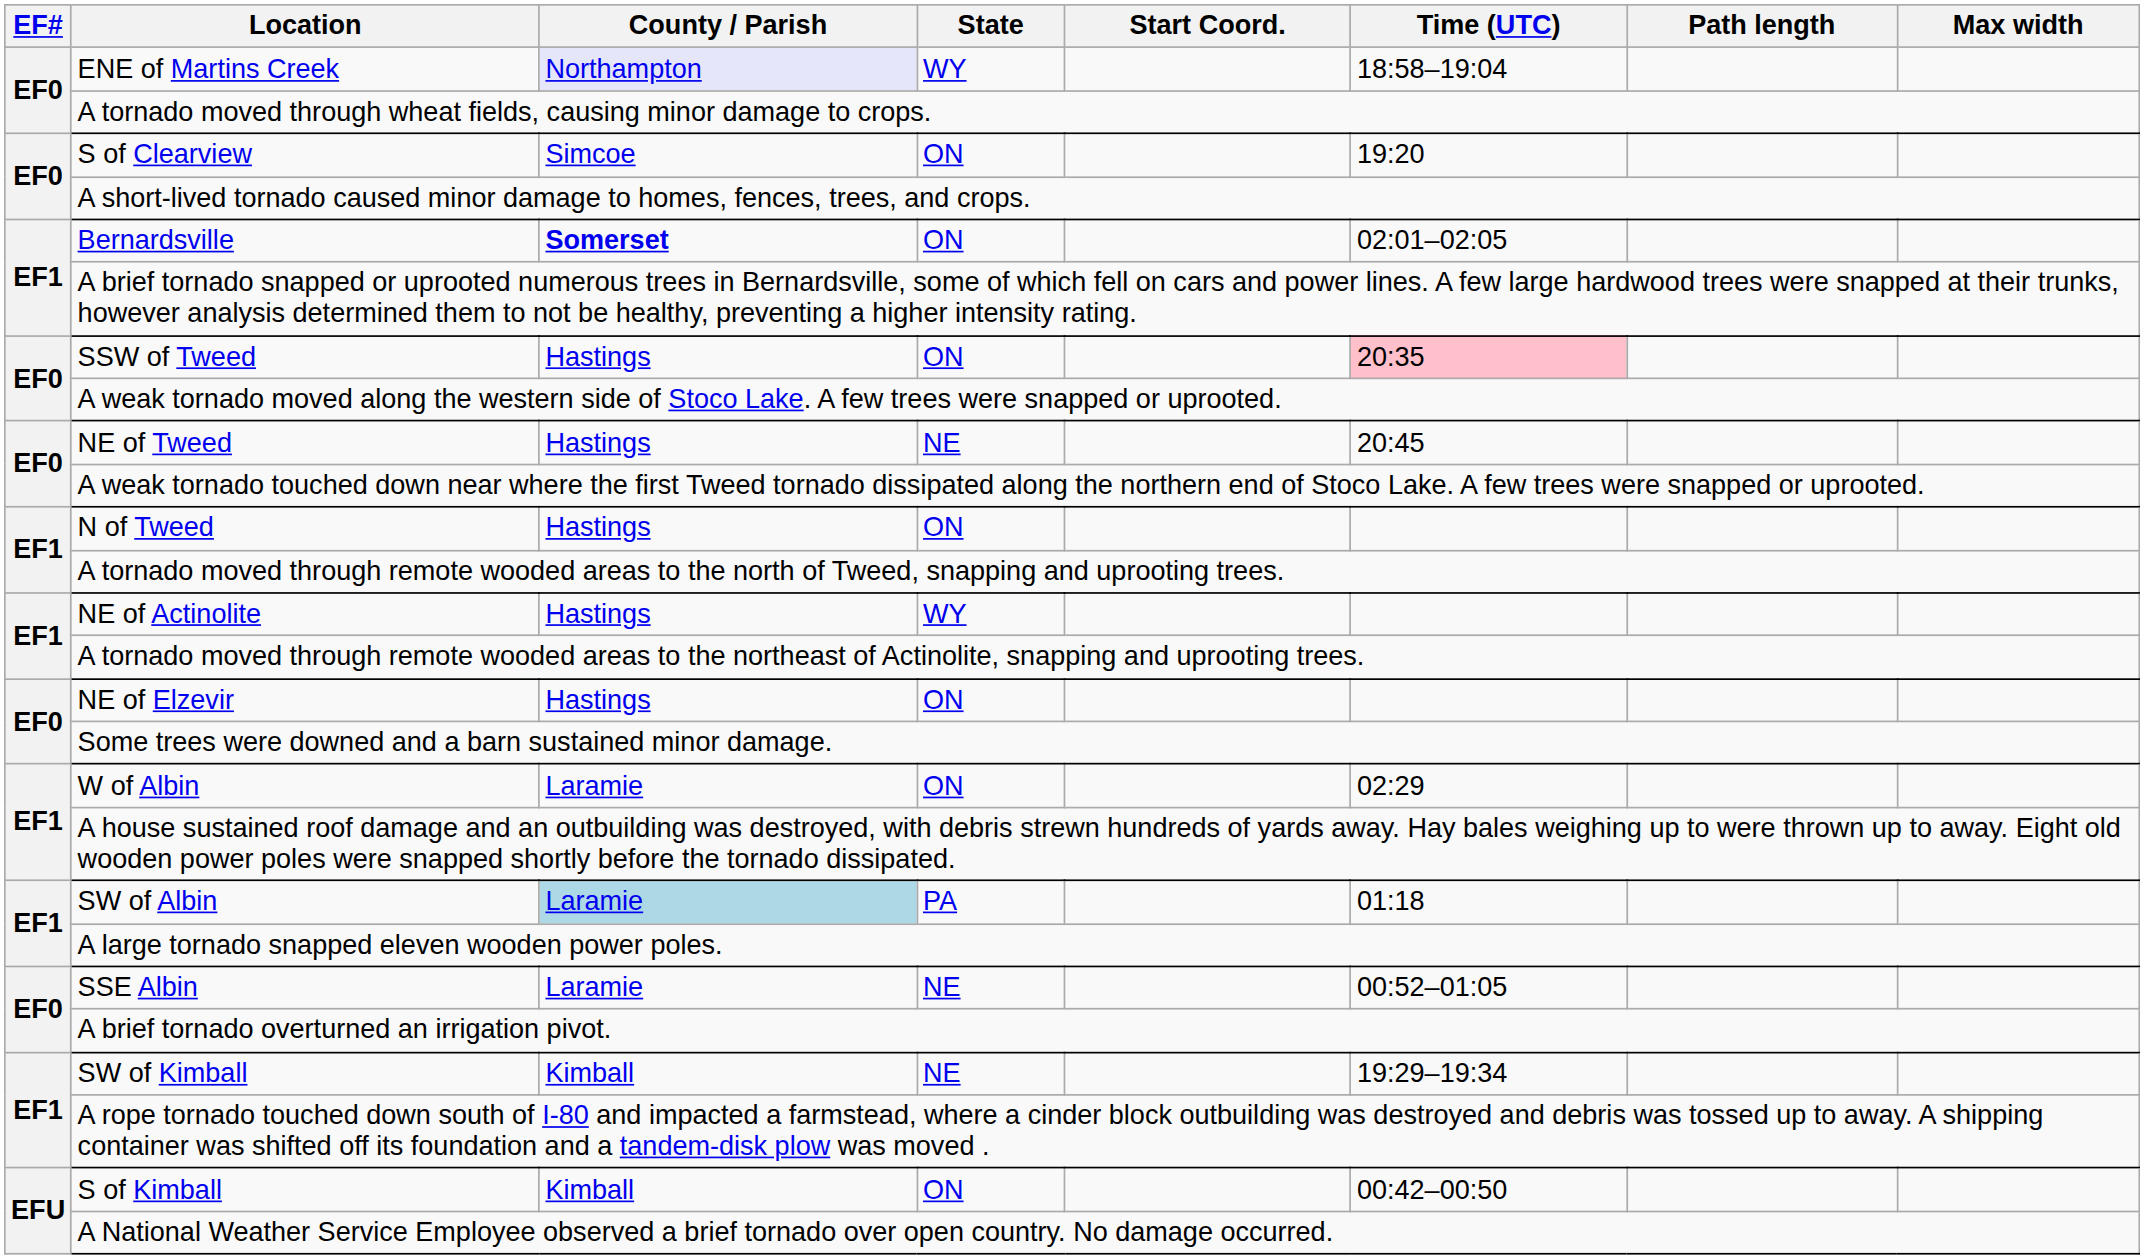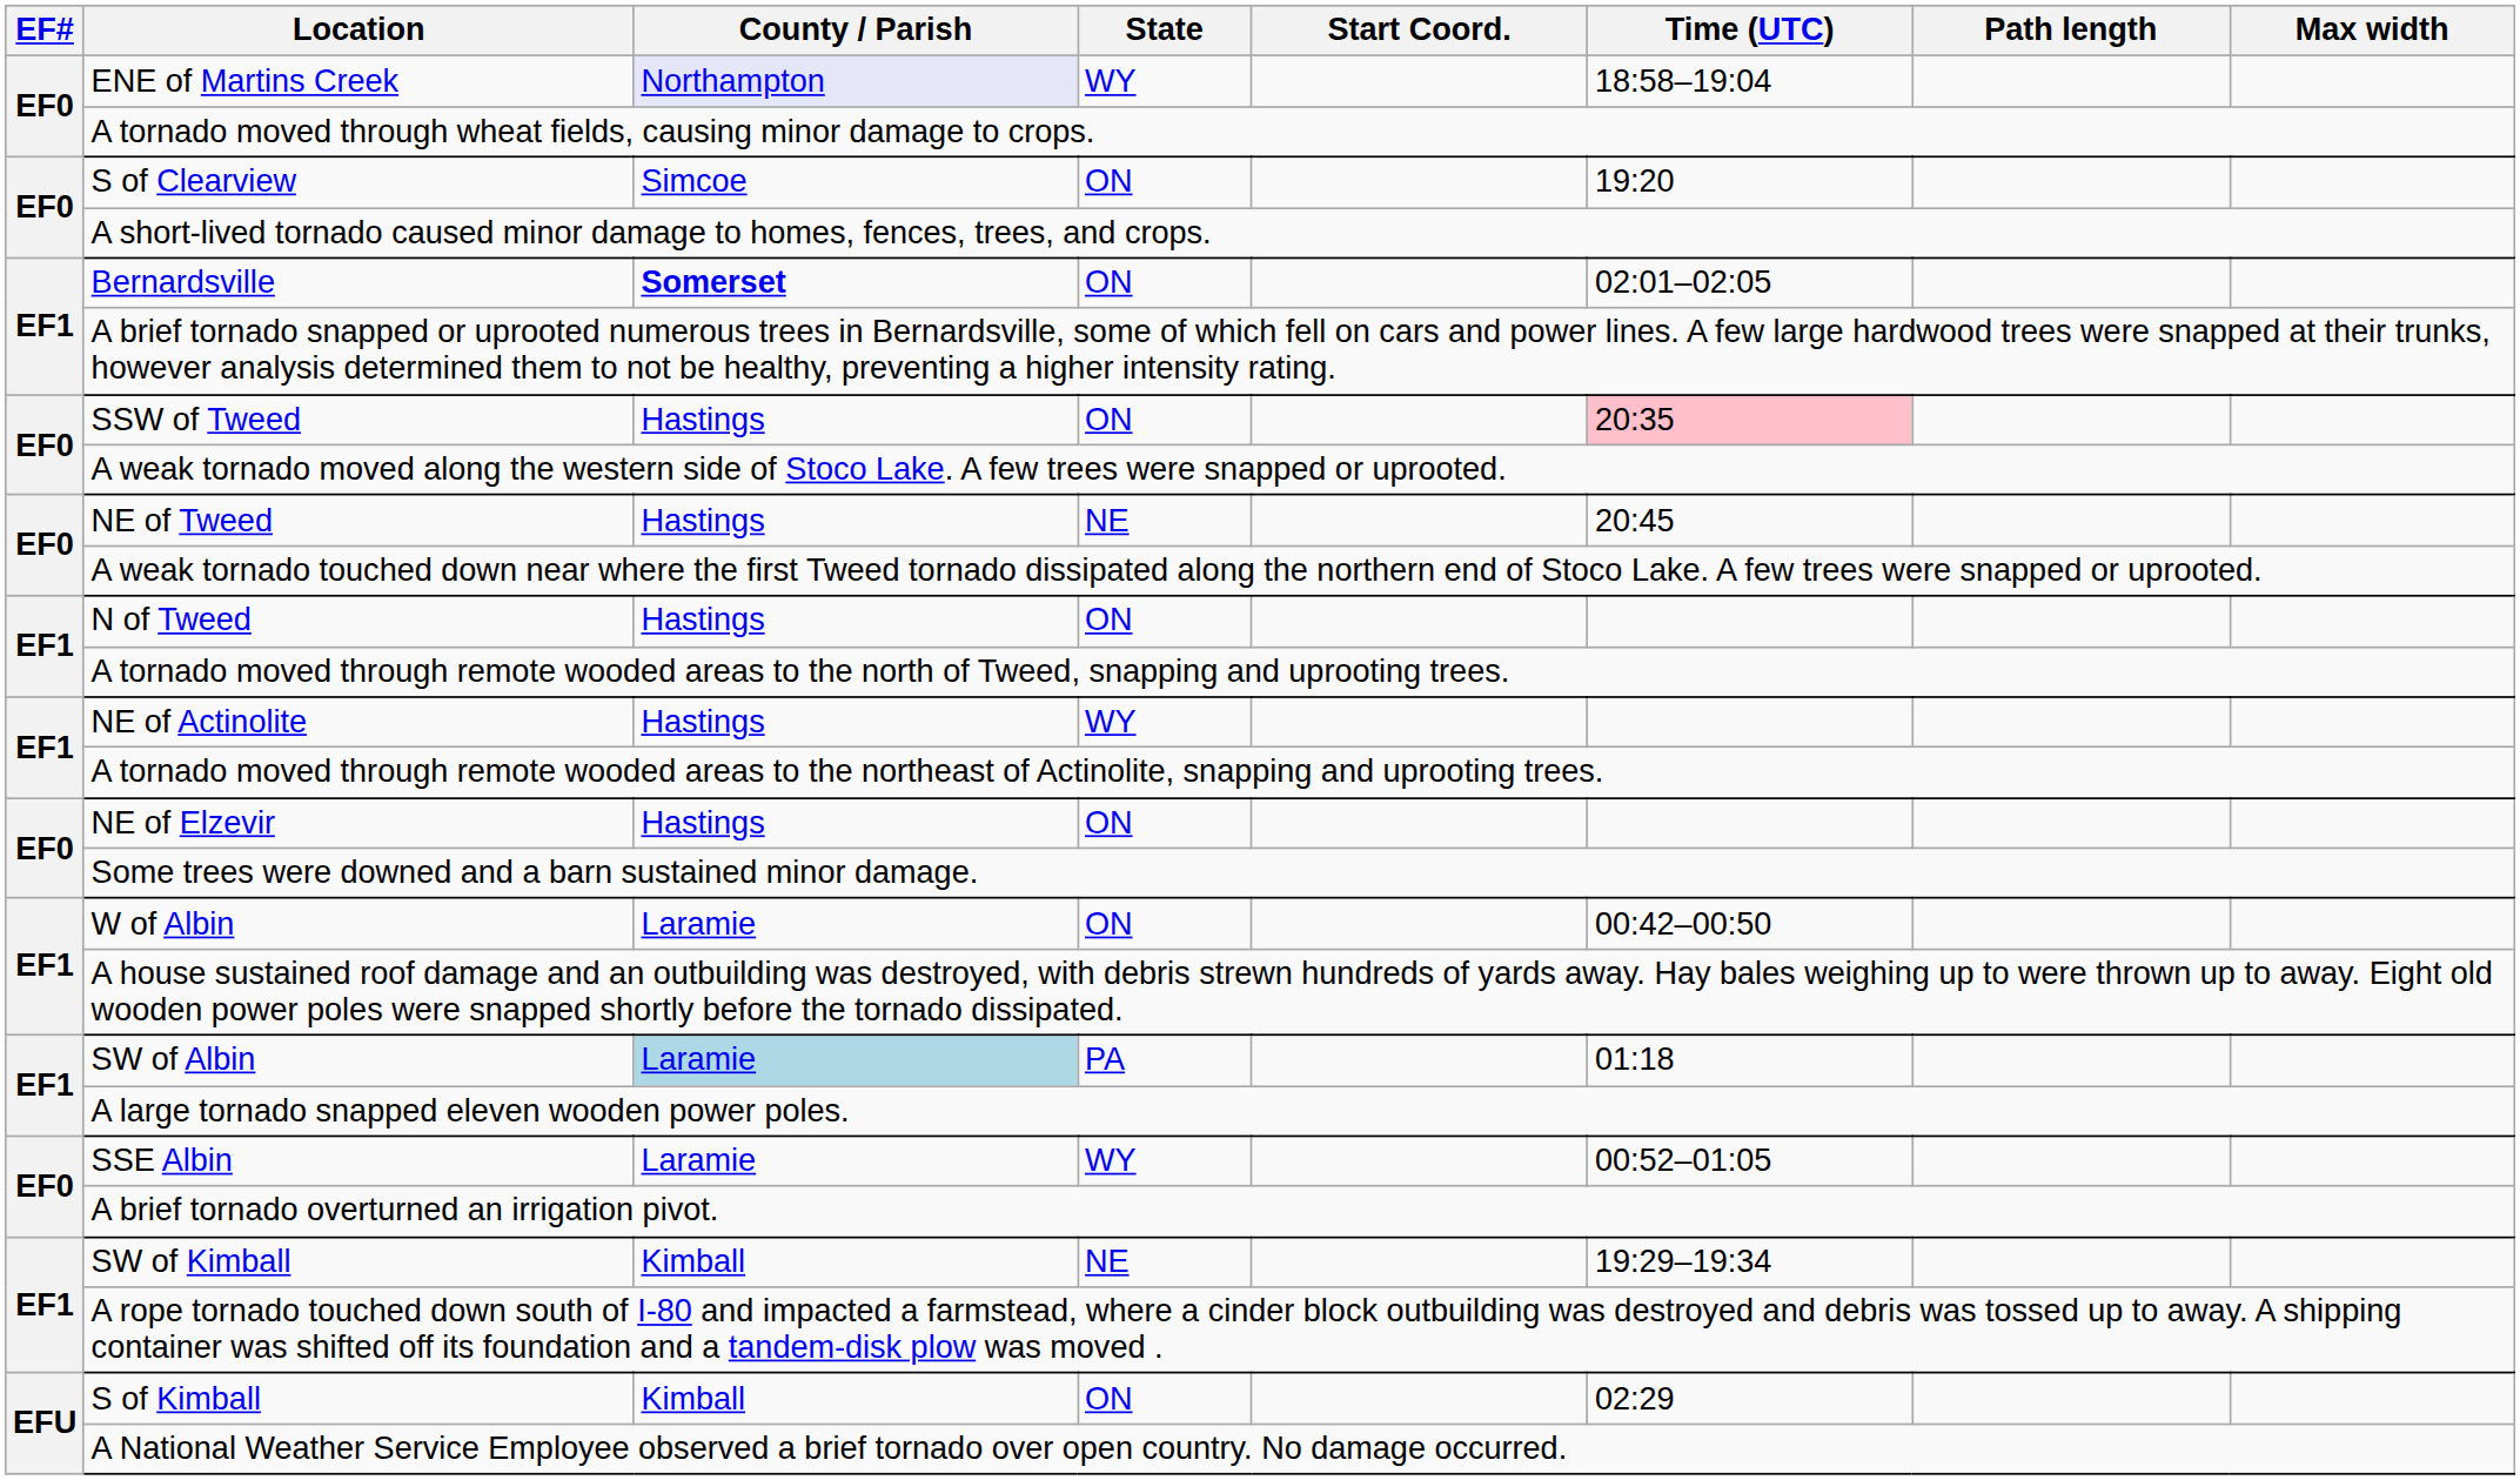 <table class="wikitable sortable" style="width:100%;">
 <tr>
 <th scope="col" width="2%" align="center"><a href='#'>EF#</a></th>
 <th scope="col" align="center" class="unsortable">Location</th>
 <th scope="col" align="center" class="unsortable">County / Parish</th>
 <th scope="col" align="center">State</th>
 <th scope="col" align="center">Start Coord.</th>
 <th scope="col" align="center">Time (<a href='#'>UTC</a>)</th>
 <th scope="col" align="center">Path length</th>
 <th scope="col" align="center">Max width</th>
 </tr>
 <tr>
 <th scope="row" rowspan="2" style="background-color:#">EF0</th>
 <td>ENE of <a href='#'>Martins Creek</a></td>
 <td style="background: lavender;"><a href='#'>Northampton</a></td>
 <td><a href='#'>WY</a></td>
 <td></td>
 <td>18:58–19:04</td>
 <td></td>
 <td></td>
 </tr>
 <tr class="expand-child">
 <td colspan="7" style=" border-bottom: 1px solid black;">A tornado moved through wheat fields, causing minor damage to crops.</td>
 </tr>
 <tr>
 <th scope="row" rowspan="2" style="background-color:#">EF0</th>
 <td>S of <a href='#'>Clearview</a></td>
 <td><a href='#'>Simcoe</a></td>
 <td><a href='#'>ON</a></td>
 <td></td>
 <td>19:20</td>
 <td></td>
 <td></td>
 </tr>
 <tr class="expand-child">
 <td colspan="7" style=" border-bottom: 1px solid black;">A short-lived tornado caused minor damage to homes, fences, trees, and crops.</td>
 </tr>
 <tr>
 <th scope="row" rowspan="2" style="background-color:#">EF1</th>
 <td><a href='#'>Bernardsville</a></td>
 <td><strong><a href='#'>Somerset</a></strong></td>
 <td><a href='#'>ON</a></td>
 <td></td>
 <td>02:01–02:05</td>
 <td></td>
 <td></td>
 </tr>
 <tr class="expand-child">
 <td colspan="7" style=" border-bottom: 1px solid black;">A brief tornado snapped or uprooted numerous trees in Bernardsville, some of which fell on cars and power lines. A few large hardwood trees were snapped at their trunks, however analysis determined them to not be healthy, preventing a higher intensity rating.</td>
 </tr>
 <tr>
 <th scope="row" rowspan="2" style="background-color:#">EF0</th>
 <td>SSW of <a href='#'>Tweed</a></td>
 <td><a href='#'>Hastings</a></td>
 <td><a href='#'>ON</a></td>
 <td></td>
 <td style="background: pink;">20:35</td>
 <td></td>
 <td></td>
 </tr>
 <tr class="expand-child">
 <td colspan="7" style=" border-bottom: 1px solid black;">A weak tornado moved along the western side of <a href='#'>Stoco Lake</a>. A few trees were snapped or uprooted.</td>
 </tr>
 <tr>
 <th scope="row" rowspan="2" style="background-color:#">EF0</th>
 <td>NE of <a href='#'>Tweed</a></td>
 <td><a href='#'>Hastings</a></td>
 <td><a href='#'>NE</a></td>
 <td></td>
 <td>20:45</td>
 <td></td>
 <td></td>
 </tr>
 <tr class="expand-child">
 <td colspan="7" style=" border-bottom: 1px solid black;">A weak tornado touched down near where the first Tweed tornado dissipated along the northern end of Stoco Lake. A few trees were snapped or uprooted.</td>
 </tr>
 <tr>
 <th scope="row" rowspan="2" style="background-color:#">EF1</th>
 <td>N of <a href='#'>Tweed</a></td>
 <td><a href='#'>Hastings</a></td>
 <td><a href='#'>ON</a></td>
 <td></td>
 <td></td>
 <td></td>
 <td></td>
 </tr>
 <tr class="expand-child">
 <td colspan="7" style=" border-bottom: 1px solid black;">A tornado moved through remote wooded areas to the north of Tweed, snapping and uprooting trees.</td>
 </tr>
 <tr>
 <th scope="row" rowspan="2" style="background-color:#">EF1</th>
 <td>NE of <a href='#'>Actinolite</a></td>
 <td><a href='#'>Hastings</a></td>
 <td><a href='#'>WY</a></td>
 <td></td>
 <td></td>
 <td></td>
 <td></td>
 </tr>
 <tr class="expand-child">
 <td colspan="7" style=" border-bottom: 1px solid black;">A tornado moved through remote wooded areas to the northeast of Actinolite, snapping and uprooting trees.</td>
 </tr>
 <tr>
 <th scope="row" rowspan="2" style="background-color:#">EF0</th>
 <td>NE of <a href='#'>Elzevir</a></td>
 <td><a href='#'>Hastings</a></td>
 <td><a href='#'>ON</a></td>
 <td></td>
 <td></td>
 <td></td>
 <td></td>
 </tr>
 <tr class="expand-child">
 <td colspan="7" style=" border-bottom: 1px solid black;">Some trees were downed and a barn sustained minor damage.</td>
 </tr>
 <tr>
 <th scope="row" rowspan="2" style="background-color:#">EF1</th>
 <td>W of <a href='#'>Albin</a></td>
 <td><a href='#'>Laramie</a></td>
 <td><a href='#'>ON</a></td>
 <td></td>
-<td>02:29</td>
+<td>00:42–00:50</td>
 <td></td>
 <td></td>
 </tr>
 <tr class="expand-child">
 <td colspan="7" style=" border-bottom: 1px solid black;">A house sustained roof damage and an outbuilding was destroyed, with debris strewn hundreds of yards away. Hay bales weighing up to  were thrown up to  away. Eight old wooden power poles were snapped shortly before the tornado dissipated.</td>
 </tr>
 <tr>
 <th scope="row" rowspan="2" style="background-color:#">EF1</th>
 <td>SW of <a href='#'>Albin</a></td>
 <td style="background: lightblue;"><a href='#'>Laramie</a></td>
 <td><a href='#'>PA</a></td>
 <td></td>
 <td>01:18</td>
 <td></td>
 <td></td>
 </tr>
 <tr class="expand-child">
 <td colspan="7" style=" border-bottom: 1px solid black;">A large tornado snapped eleven wooden power poles.</td>
 </tr>
 <tr>
 <th scope="row" rowspan="2" style="background-color:#">EF0</th>
 <td>SSE <a href='#'>Albin</a></td>
 <td><a href='#'>Laramie</a></td>
-<td><a href='#'>NE</a></td>
+<td><a href='#'>WY</a></td>
 <td></td>
 <td>00:52–01:05</td>
 <td></td>
 <td></td>
 </tr>
 <tr class="expand-child">
 <td colspan="7" style=" border-bottom: 1px solid black;">A brief tornado overturned an irrigation pivot.</td>
 </tr>
 <tr>
 <th scope="row" rowspan="2" style="background-color:#">EF1</th>
 <td>SW of <a href='#'>Kimball</a></td>
 <td><a href='#'>Kimball</a></td>
 <td><a href='#'>NE</a></td>
 <td></td>
 <td>19:29–19:34</td>
 <td></td>
 <td></td>
 </tr>
 <tr class="expand-child">
 <td colspan="7" style=" border-bottom: 1px solid black;">A rope tornado touched down south of <a href='#'>I-80</a> and impacted a farmstead, where a cinder block outbuilding was destroyed and debris was tossed up to  away. A shipping container was shifted off its foundation and a  <a href='#'>tandem-disk plow</a> was moved .</td>
 </tr>
 <tr>
 <th scope="row" rowspan="2" style="background-color:#">EFU</th>
 <td>S of <a href='#'>Kimball</a></td>
 <td><a href='#'>Kimball</a></td>
 <td><a href='#'>ON</a></td>
 <td></td>
-<td>00:42–00:50</td>
+<td>02:29</td>
 <td></td>
 <td></td>
 </tr>
 <tr class="expand-child">
 <td colspan="7" style=" border-bottom: 1px solid black;">A National Weather Service Employee observed a brief tornado over open country. No damage occurred.</td>
 </tr>
 </table>
